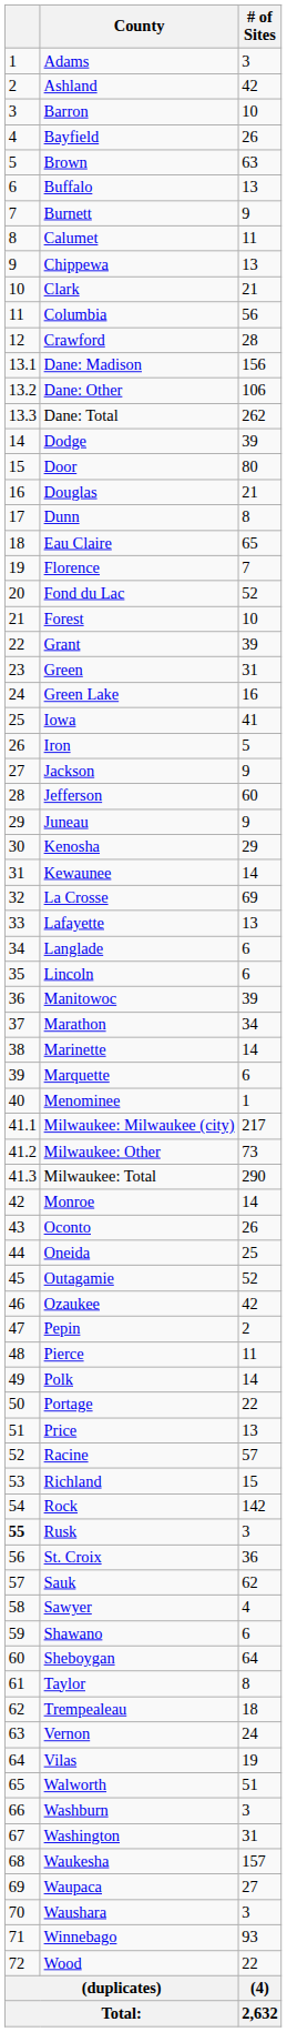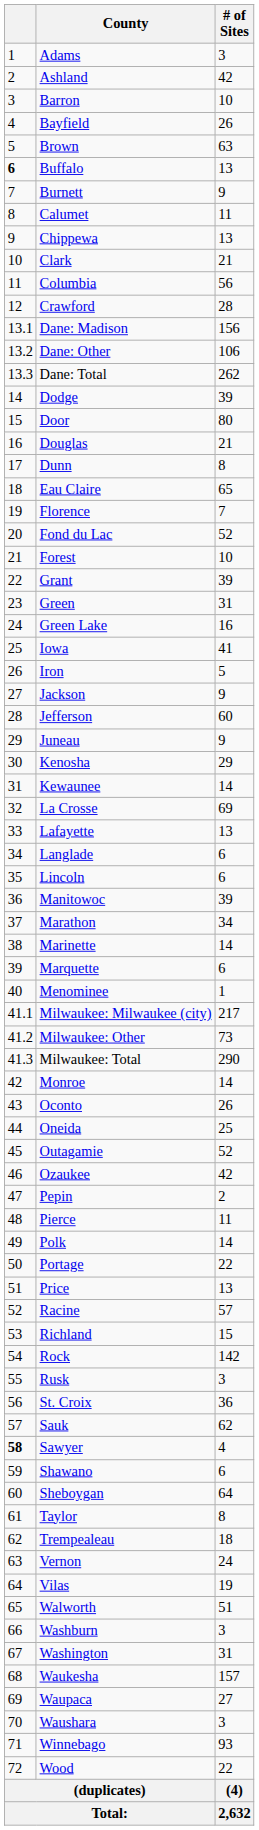 <table class="wikitable sortable sticky-header">
 <tr>
 <th></th>
 <th><strong>County</strong></th>
 <th><strong># of<br>Sites</strong></th>
 </tr>
 <tr ->
 <td>1</td>
 <td><a href='#'>Adams</a></td>
 <td>3</td>
 </tr>
 <tr ->
 <td>2</td>
 <td><a href='#'>Ashland</a></td>
 <td>42</td>
 </tr>
 <tr ->
 <td>3</td>
 <td><a href='#'>Barron</a></td>
 <td>10</td>
 </tr>
 <tr ->
 <td>4</td>
 <td><a href='#'>Bayfield</a></td>
 <td>26</td>
 </tr>
 <tr ->
 <td>5</td>
 <td><a href='#'>Brown</a></td>
 <td>63</td>
 </tr>
 <tr ->
-<td>6</td>
+<td><strong>6</strong></td>
 <td><a href='#'>Buffalo</a></td>
 <td>13</td>
 </tr>
 <tr ->
 <td>7</td>
 <td><a href='#'>Burnett</a></td>
 <td>9</td>
 </tr>
 <tr ->
 <td>8</td>
 <td><a href='#'>Calumet</a></td>
 <td>11</td>
 </tr>
 <tr ->
 <td>9</td>
 <td><a href='#'>Chippewa</a></td>
 <td>13</td>
 </tr>
 <tr ->
 <td>10</td>
 <td><a href='#'>Clark</a></td>
 <td>21</td>
 </tr>
 <tr ->
 <td>11</td>
 <td><a href='#'>Columbia</a></td>
 <td>56</td>
 </tr>
 <tr ->
 <td>12</td>
 <td><a href='#'>Crawford</a></td>
 <td>28</td>
 </tr>
 <tr ->
 <td>13.1</td>
 <td><a href='#'>Dane: Madison</a></td>
 <td>156</td>
 </tr>
 <tr ->
 <td>13.2</td>
 <td><a href='#'>Dane: Other</a></td>
 <td>106</td>
 </tr>
 <tr ->
 <td>13.3</td>
 <td>Dane: Total</td>
 <td>262</td>
 </tr>
 <tr ->
 <td>14</td>
 <td><a href='#'>Dodge</a></td>
 <td>39</td>
 </tr>
 <tr ->
 <td>15</td>
 <td><a href='#'>Door</a></td>
 <td>80</td>
 </tr>
 <tr ->
 <td>16</td>
 <td><a href='#'>Douglas</a></td>
 <td>21</td>
 </tr>
 <tr ->
 <td>17</td>
 <td><a href='#'>Dunn</a></td>
 <td>8</td>
 </tr>
 <tr ->
 <td>18</td>
 <td><a href='#'>Eau Claire</a></td>
 <td>65</td>
 </tr>
 <tr ->
 <td>19</td>
 <td><a href='#'>Florence</a></td>
 <td>7</td>
 </tr>
 <tr ->
 <td>20</td>
 <td><a href='#'>Fond du Lac</a></td>
 <td>52</td>
 </tr>
 <tr ->
 <td>21</td>
 <td><a href='#'>Forest</a></td>
 <td>10</td>
 </tr>
 <tr ->
 <td>22</td>
 <td><a href='#'>Grant</a></td>
 <td>39</td>
 </tr>
 <tr ->
 <td>23</td>
 <td><a href='#'>Green</a></td>
 <td>31</td>
 </tr>
 <tr ->
 <td>24</td>
 <td><a href='#'>Green Lake</a></td>
 <td>16</td>
 </tr>
 <tr ->
 <td>25</td>
 <td><a href='#'>Iowa</a></td>
 <td>41</td>
 </tr>
 <tr ->
 <td>26</td>
 <td><a href='#'>Iron</a></td>
 <td>5</td>
 </tr>
 <tr ->
 <td>27</td>
 <td><a href='#'>Jackson</a></td>
 <td>9</td>
 </tr>
 <tr ->
 <td>28</td>
 <td><a href='#'>Jefferson</a></td>
 <td>60</td>
 </tr>
 <tr ->
 <td>29</td>
 <td><a href='#'>Juneau</a></td>
 <td>9</td>
 </tr>
 <tr ->
 <td>30</td>
 <td><a href='#'>Kenosha</a></td>
 <td>29</td>
 </tr>
 <tr ->
 <td>31</td>
 <td><a href='#'>Kewaunee</a></td>
 <td>14</td>
 </tr>
 <tr ->
 <td>32</td>
 <td><a href='#'>La Crosse</a></td>
 <td>69</td>
 </tr>
 <tr ->
 <td>33</td>
 <td><a href='#'>Lafayette</a></td>
 <td>13</td>
 </tr>
 <tr ->
 <td>34</td>
 <td><a href='#'>Langlade</a></td>
 <td>6</td>
 </tr>
 <tr ->
 <td>35</td>
 <td><a href='#'>Lincoln</a></td>
 <td>6</td>
 </tr>
 <tr ->
 <td>36</td>
 <td><a href='#'>Manitowoc</a></td>
 <td>39</td>
 </tr>
 <tr ->
 <td>37</td>
 <td><a href='#'>Marathon</a></td>
 <td>34</td>
 </tr>
 <tr ->
 <td>38</td>
 <td><a href='#'>Marinette</a></td>
 <td>14</td>
 </tr>
 <tr ->
 <td>39</td>
 <td><a href='#'>Marquette</a></td>
 <td>6</td>
 </tr>
 <tr ->
 <td>40</td>
 <td><a href='#'>Menominee</a></td>
 <td>1</td>
 </tr>
 <tr ->
 <td>41.1</td>
 <td><a href='#'>Milwaukee: Milwaukee (city)</a></td>
 <td>217</td>
 </tr>
 <tr ->
 <td>41.2</td>
 <td><a href='#'>Milwaukee: Other</a></td>
 <td>73</td>
 </tr>
 <tr ->
 <td>41.3</td>
 <td>Milwaukee: Total</td>
 <td>290</td>
 </tr>
 <tr ->
 <td>42</td>
 <td><a href='#'>Monroe</a></td>
 <td>14</td>
 </tr>
 <tr ->
 <td>43</td>
 <td><a href='#'>Oconto</a></td>
 <td>26</td>
 </tr>
 <tr ->
 <td>44</td>
 <td><a href='#'>Oneida</a></td>
 <td>25</td>
 </tr>
 <tr ->
 <td>45</td>
 <td><a href='#'>Outagamie</a></td>
 <td>52</td>
 </tr>
 <tr ->
 <td>46</td>
 <td><a href='#'>Ozaukee</a></td>
 <td>42</td>
 </tr>
 <tr ->
 <td>47</td>
 <td><a href='#'>Pepin</a></td>
 <td>2</td>
 </tr>
 <tr ->
 <td>48</td>
 <td><a href='#'>Pierce</a></td>
 <td>11</td>
 </tr>
 <tr ->
 <td>49</td>
 <td><a href='#'>Polk</a></td>
 <td>14</td>
 </tr>
 <tr ->
 <td>50</td>
 <td><a href='#'>Portage</a></td>
 <td>22</td>
 </tr>
 <tr ->
 <td>51</td>
 <td><a href='#'>Price</a></td>
 <td>13</td>
 </tr>
 <tr ->
 <td>52</td>
 <td><a href='#'>Racine</a></td>
 <td>57</td>
 </tr>
 <tr ->
 <td>53</td>
 <td><a href='#'>Richland</a></td>
 <td>15</td>
 </tr>
 <tr ->
 <td>54</td>
 <td><a href='#'>Rock</a></td>
 <td>142</td>
 </tr>
 <tr ->
-<td><strong>55</strong></td>
+<td>55</td>
 <td><a href='#'>Rusk</a></td>
 <td>3</td>
 </tr>
 <tr ->
 <td>56</td>
 <td><a href='#'>St. Croix</a></td>
 <td>36</td>
 </tr>
 <tr ->
 <td>57</td>
 <td><a href='#'>Sauk</a></td>
 <td>62</td>
 </tr>
 <tr ->
-<td>58</td>
+<td><strong>58</strong></td>
 <td><a href='#'>Sawyer</a></td>
 <td>4</td>
 </tr>
 <tr ->
 <td>59</td>
 <td><a href='#'>Shawano</a></td>
 <td>6</td>
 </tr>
 <tr ->
 <td>60</td>
 <td><a href='#'>Sheboygan</a></td>
 <td>64</td>
 </tr>
 <tr ->
 <td>61</td>
 <td><a href='#'>Taylor</a></td>
 <td>8</td>
 </tr>
 <tr ->
 <td>62</td>
 <td><a href='#'>Trempealeau</a></td>
 <td>18</td>
 </tr>
 <tr ->
 <td>63</td>
 <td><a href='#'>Vernon</a></td>
 <td>24</td>
 </tr>
 <tr ->
 <td>64</td>
 <td><a href='#'>Vilas</a></td>
 <td>19</td>
 </tr>
 <tr ->
 <td>65</td>
 <td><a href='#'>Walworth</a></td>
 <td>51</td>
 </tr>
 <tr ->
 <td>66</td>
 <td><a href='#'>Washburn</a></td>
 <td>3</td>
 </tr>
 <tr ->
 <td>67</td>
 <td><a href='#'>Washington</a></td>
 <td>31</td>
 </tr>
 <tr ->
 <td>68</td>
 <td><a href='#'>Waukesha</a></td>
 <td>157</td>
 </tr>
 <tr ->
 <td>69</td>
 <td><a href='#'>Waupaca</a></td>
 <td>27</td>
 </tr>
 <tr ->
 <td>70</td>
 <td><a href='#'>Waushara</a></td>
 <td>3</td>
 </tr>
 <tr ->
 <td>71</td>
 <td><a href='#'>Winnebago</a></td>
 <td>93</td>
 </tr>
 <tr ->
 <td>72</td>
 <td><a href='#'>Wood</a></td>
 <td>22</td>
 </tr>
 <tr class="sortbottom">
 <th colspan="2">(duplicates)</th>
 <th>(4)</th>
 </tr>
 <tr class="sortbottom">
 <th colspan="2">Total:</th>
 <th>2,632</th>
 </tr>
 </table>
